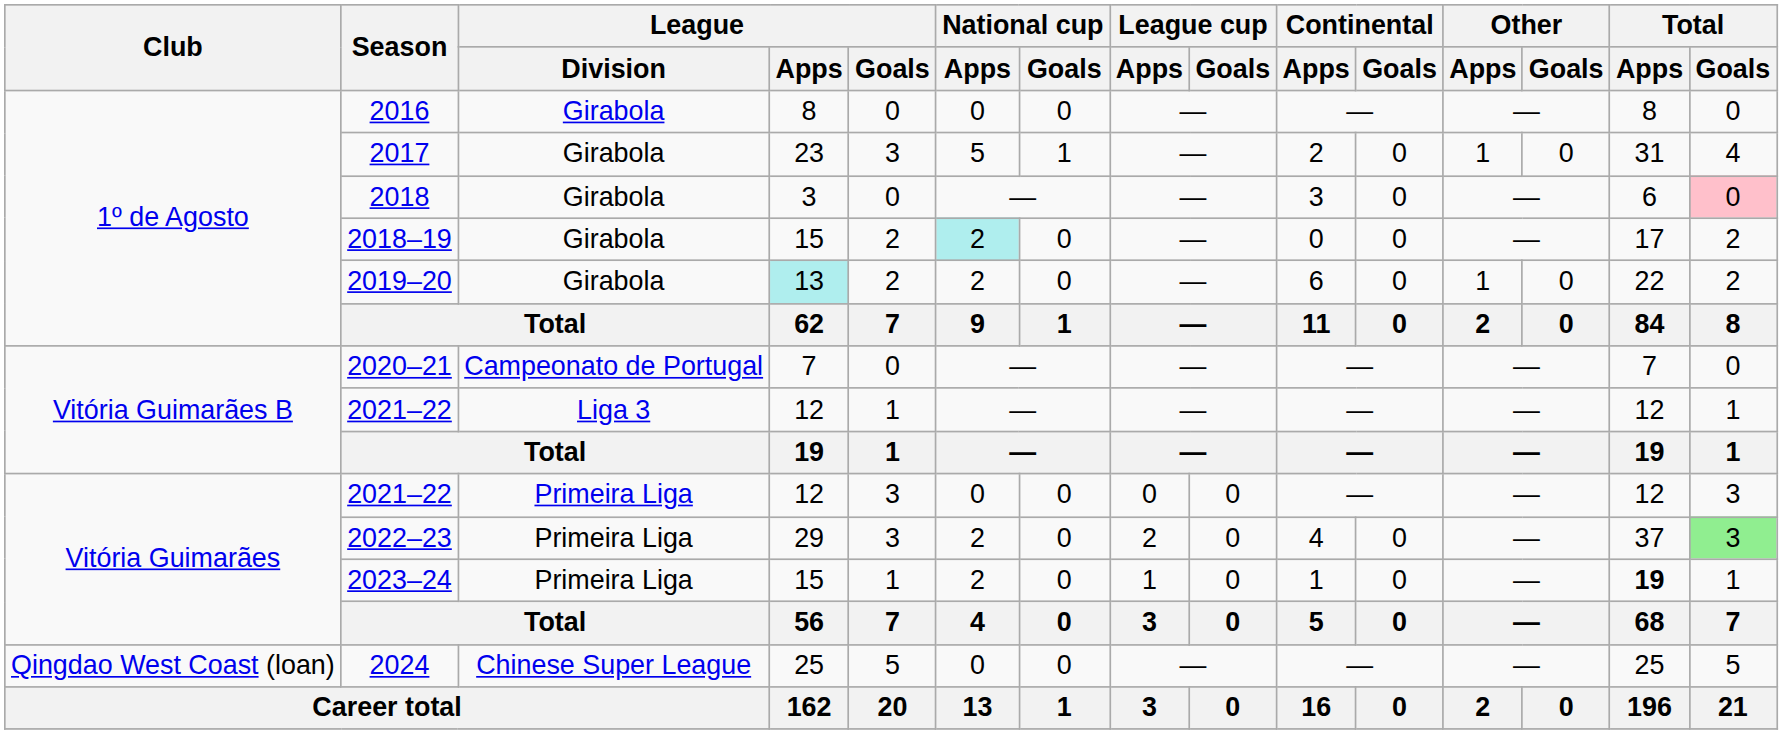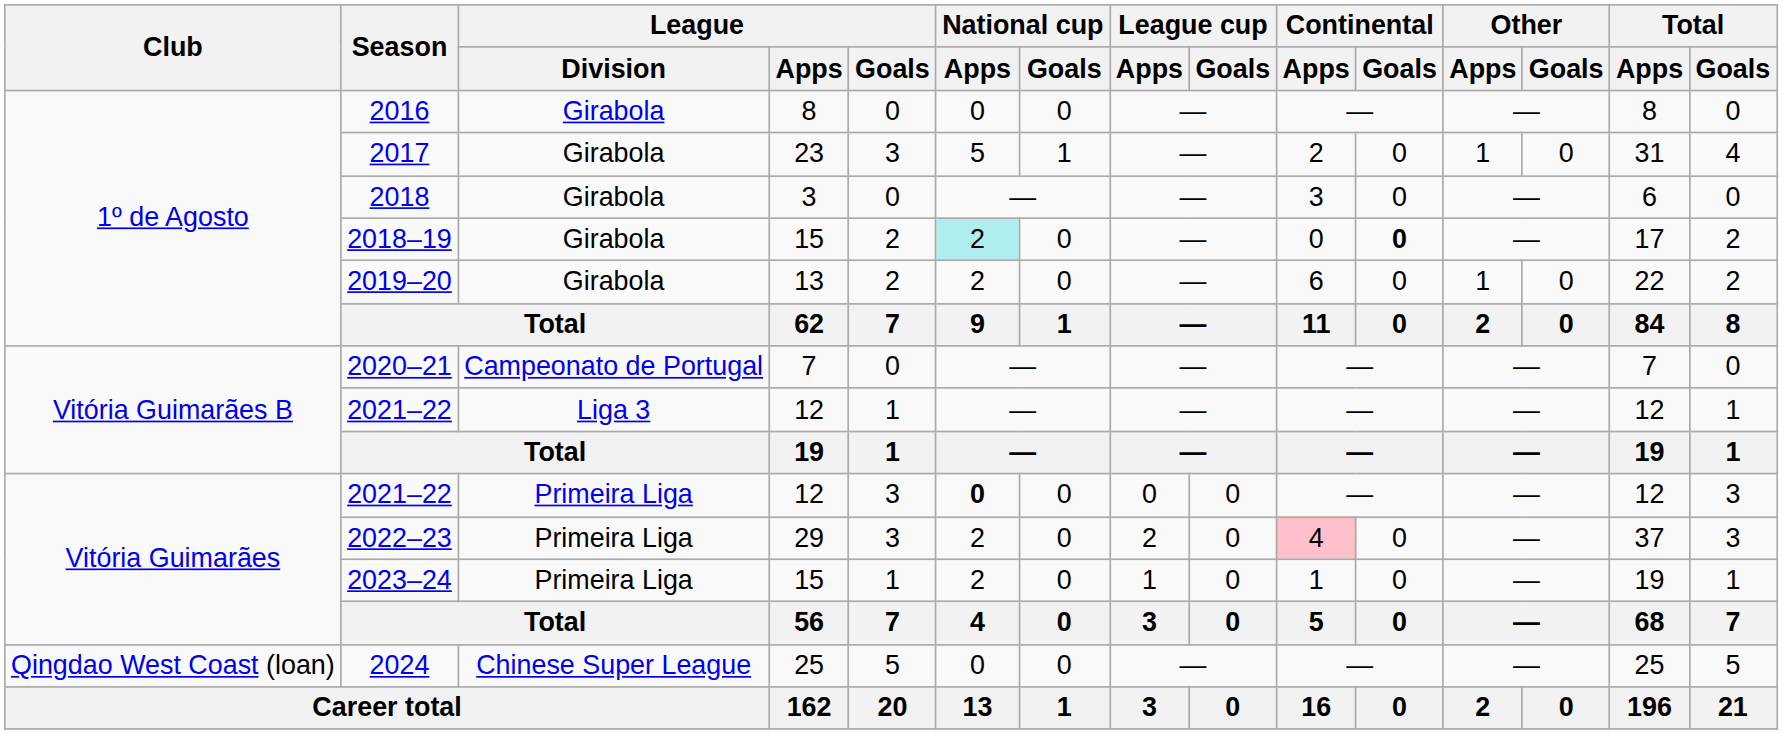 <table class="wikitable" style="text-align: center">
 <tr>
 <th rowspan="2">Club</th>
 <th rowspan="2">Season</th>
 <th colspan="3">League</th>
 <th colspan="2">National cup</th>
 <th colspan="2">League cup</th>
 <th colspan="2">Continental</th>
 <th colspan="2">Other</th>
 <th colspan="2">Total</th>
 </tr>
 <tr>
 <th>Division</th>
 <th>Apps</th>
 <th>Goals</th>
 <th>Apps</th>
 <th>Goals</th>
 <th>Apps</th>
 <th>Goals</th>
 <th>Apps</th>
 <th>Goals</th>
 <th>Apps</th>
 <th>Goals</th>
 <th>Apps</th>
 <th>Goals</th>
 </tr>
 <tr>
 <td rowspan="6"><a href='#'>1º de Agosto</a></td>
 <td><a href='#'>2016</a></td>
 <td><a href='#'>Girabola</a></td>
 <td>8</td>
 <td>0</td>
 <td>0</td>
 <td>0</td>
 <td colspan="2">—</td>
 <td colspan="2">—</td>
 <td colspan="2">—</td>
 <td>8</td>
 <td>0</td>
 </tr>
 <tr>
 <td><a href='#'>2017</a></td>
 <td>Girabola</td>
 <td>23</td>
 <td>3</td>
 <td>5</td>
 <td>1</td>
 <td colspan="2">—</td>
 <td>2</td>
 <td>0</td>
 <td>1</td>
 <td>0</td>
 <td>31</td>
 <td>4</td>
 </tr>
 <tr>
 <td><a href='#'>2018</a></td>
 <td>Girabola</td>
 <td>3</td>
 <td>0</td>
 <td colspan="2">—</td>
 <td colspan="2">—</td>
 <td>3</td>
 <td>0</td>
 <td colspan="2">—</td>
 <td>6</td>
-<td style="background: pink;">0</td>
+<td>0</td>
 </tr>
 <tr>
 <td><a href='#'>2018–19</a></td>
 <td>Girabola</td>
 <td>15</td>
 <td>2</td>
 <td style="background: paleturquoise;">2</td>
 <td>0</td>
 <td colspan="2">—</td>
 <td>0</td>
-<td>0</td>
+<td><strong>0</strong></td>
 <td colspan="2">—</td>
 <td>17</td>
 <td>2</td>
 </tr>
 <tr>
 <td><a href='#'>2019–20</a></td>
 <td>Girabola</td>
-<td style="background: paleturquoise;">13</td>
+<td>13</td>
 <td>2</td>
 <td>2</td>
 <td>0</td>
 <td colspan="2">—</td>
 <td>6</td>
 <td>0</td>
 <td>1</td>
 <td>0</td>
 <td>22</td>
 <td>2</td>
 </tr>
 <tr>
 <th colspan="2">Total</th>
 <th>62</th>
 <th>7</th>
 <th>9</th>
 <th>1</th>
 <th colspan="2">—</th>
 <th>11</th>
 <th>0</th>
 <th>2</th>
 <th>0</th>
 <th>84</th>
 <th>8</th>
 </tr>
 <tr>
 <td rowspan="3"><a href='#'>Vitória Guimarães B</a></td>
 <td><a href='#'>2020–21</a></td>
 <td><a href='#'>Campeonato de Portugal</a></td>
 <td>7</td>
 <td>0</td>
 <td colspan="2">—</td>
 <td colspan="2">—</td>
 <td colspan="2">—</td>
 <td colspan="2">—</td>
 <td>7</td>
 <td>0</td>
 </tr>
 <tr>
 <td><a href='#'>2021–22</a></td>
 <td><a href='#'>Liga 3</a></td>
 <td>12</td>
 <td>1</td>
 <td colspan="2">—</td>
 <td colspan="2">—</td>
 <td colspan="2">—</td>
 <td colspan="2">—</td>
 <td>12</td>
 <td>1</td>
 </tr>
 <tr>
 <th colspan="2">Total</th>
 <th>19</th>
 <th>1</th>
 <th colspan="2">—</th>
 <th colspan="2">—</th>
 <th colspan="2">—</th>
 <th colspan="2">—</th>
 <th>19</th>
 <th>1</th>
 </tr>
 <tr>
 <td rowspan="4"><a href='#'>Vitória Guimarães</a></td>
 <td><a href='#'>2021–22</a></td>
 <td><a href='#'>Primeira Liga</a></td>
 <td>12</td>
 <td>3</td>
-<td>0</td>
+<td><strong>0</strong></td>
 <td>0</td>
 <td>0</td>
 <td>0</td>
 <td colspan="2">—</td>
 <td colspan="2">—</td>
 <td>12</td>
 <td>3</td>
 </tr>
 <tr>
 <td><a href='#'>2022–23</a></td>
 <td>Primeira Liga</td>
 <td>29</td>
 <td>3</td>
 <td>2</td>
 <td>0</td>
 <td>2</td>
 <td>0</td>
-<td>4</td>
+<td style="background: pink;">4</td>
 <td>0</td>
 <td colspan="2">—</td>
 <td>37</td>
-<td style="background: lightgreen;">3</td>
+<td>3</td>
 </tr>
 <tr>
 <td><a href='#'>2023–24</a></td>
 <td>Primeira Liga</td>
 <td>15</td>
 <td>1</td>
 <td>2</td>
 <td>0</td>
 <td>1</td>
 <td>0</td>
 <td>1</td>
 <td>0</td>
 <td colspan="2">—</td>
-<td><strong>19</strong></td>
+<td>19</td>
 <td>1</td>
 </tr>
 <tr>
 <th colspan="2">Total</th>
 <th>56</th>
 <th>7</th>
 <th>4</th>
 <th>0</th>
 <th>3</th>
 <th>0</th>
 <th>5</th>
 <th>0</th>
 <th colspan="2">—</th>
 <th>68</th>
 <th>7</th>
 </tr>
 <tr>
 <td><a href='#'>Qingdao West Coast</a> (loan)</td>
 <td><a href='#'>2024</a></td>
 <td><a href='#'>Chinese Super League</a></td>
 <td>25</td>
 <td>5</td>
 <td>0</td>
 <td>0</td>
 <td colspan="2">—</td>
 <td colspan="2">—</td>
 <td colspan="2">—</td>
 <td>25</td>
 <td>5</td>
 </tr>
 <tr>
 <th colspan="3"><strong>Career total</strong></th>
 <th>162</th>
 <th>20</th>
 <th>13</th>
 <th>1</th>
 <th>3</th>
 <th>0</th>
 <th>16</th>
 <th>0</th>
 <th>2</th>
 <th>0</th>
 <th>196</th>
 <th>21</th>
 </tr>
 </table>
